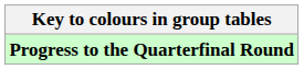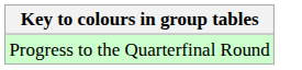 <table class="wikitable" border="1">
 <tr>
 <th>Key to colours in group tables</th>
 </tr>
 <tr style="background:#cfc;">
-<td><strong>Progress to the Quarterfinal Round</strong></td>
+<td>Progress to the Quarterfinal Round</td>
 </tr>
 </table>
